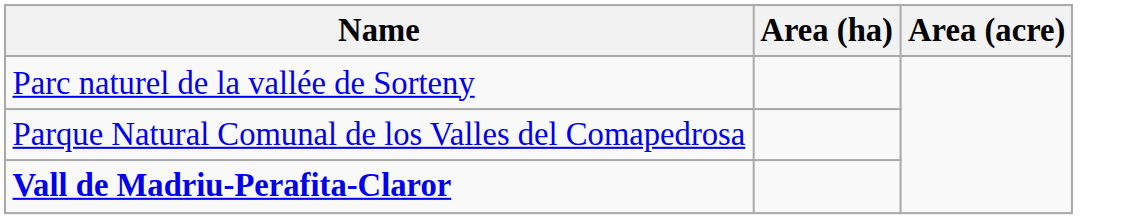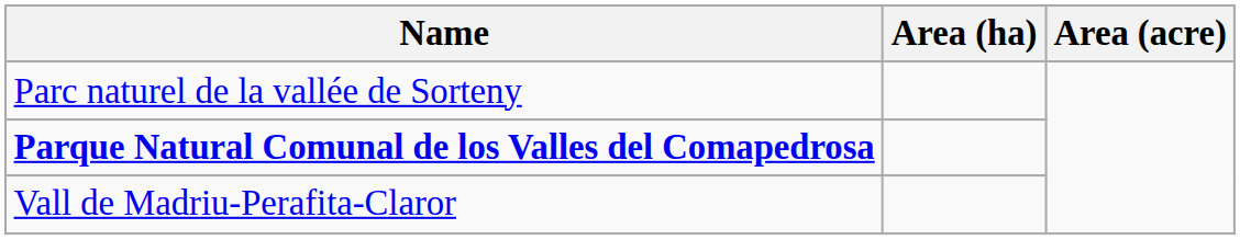 <table class="wikitable">
 <tr>
 <th scope="col" align=left>Name</th>
 <th scope="col">Area (ha)</th>
 <th scope="col">Area (acre)</th>
 </tr>
 <tr ---->
 <td><a href='#'>Parc naturel de la vallée de Sorteny </a></td>
 <td></td>
 </tr>
 <tr ---->
-<td><a href='#'>Parque Natural Comunal de los Valles del Comapedrosa</a></td>
+<td><strong><a href='#'>Parque Natural Comunal de los Valles del Comapedrosa</a></strong></td>
 <td></td>
 </tr>
 <tr ---->
-<td><strong><a href='#'>Vall de Madriu-Perafita-Claror</a></strong></td>
+<td><a href='#'>Vall de Madriu-Perafita-Claror</a></td>
 <td></td>
 </tr>
 </table>
